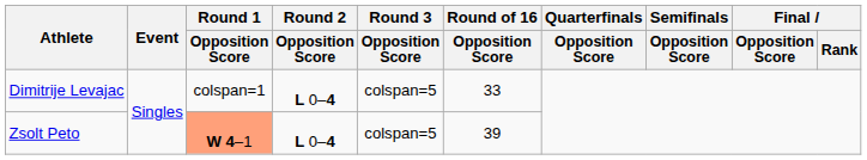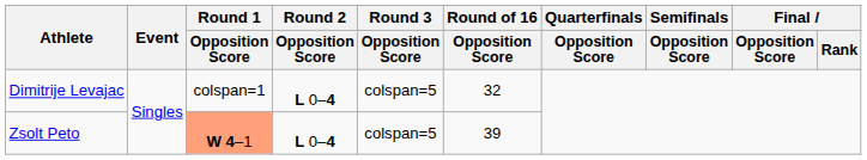 <table class=wikitable style="font-size:90%">
 <tr>
 <th rowspan="2">Athlete</th>
 <th rowspan="2">Event</th>
 <th>Round 1</th>
 <th>Round 2</th>
 <th>Round 3</th>
 <th>Round of 16</th>
 <th>Quarterfinals</th>
 <th>Semifinals</th>
 <th colspan=2>Final / </th>
 </tr>
 <tr style="font-size:95%">
 <th>Opposition<br>Score</th>
 <th>Opposition<br>Score</th>
 <th>Opposition<br>Score</th>
 <th>Opposition<br>Score</th>
 <th>Opposition<br>Score</th>
 <th>Opposition<br>Score</th>
 <th>Opposition<br>Score</th>
 <th>Rank</th>
 </tr>
 <tr align=center>
 <td align=left><a href='#'>Dimitrije Levajac</a></td>
 <td align=left rowspan=2><a href='#'>Singles</a></td>
 <td>colspan=1 </td>
 <td><br> <strong>L</strong> 0–<strong>4</strong></td>
 <td>colspan=5 </td>
-<td>33</td>
+<td>32</td>
 </tr>
 <tr align=center>
 <td align=left><a href='#'>Zsolt Peto</a></td>
 <td style="background: lightsalmon;"><br> <strong>W</strong> <strong>4</strong>–1</td>
 <td><br> <strong>L</strong> 0–<strong>4</strong></td>
 <td>colspan=5 </td>
 <td>39</td>
 </tr>
 </table>
